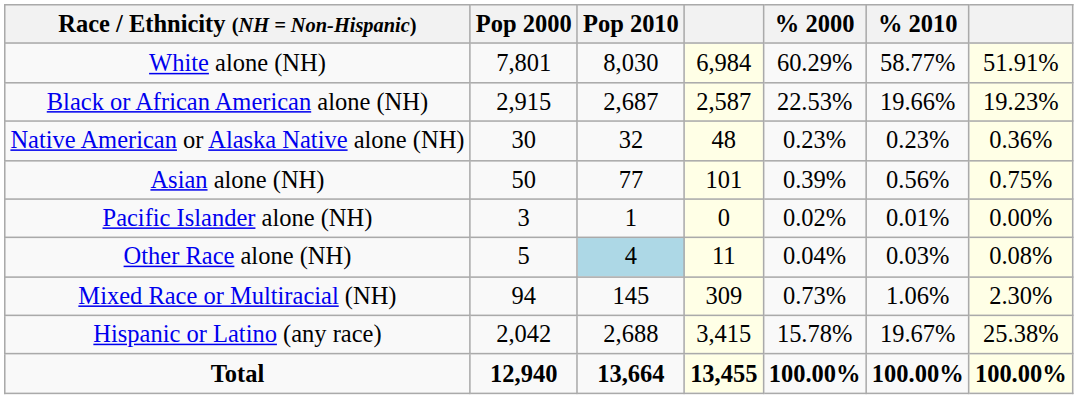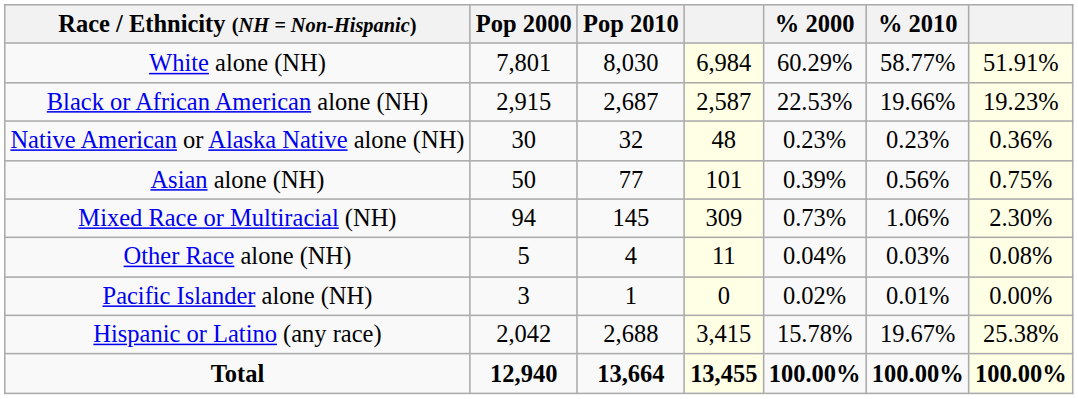 <table class="wikitable" style="text-align:center;">
 <tr>
 <th>Race / Ethnicity <small>(<em>NH = Non-Hispanic</em>)</small></th>
 <th>Pop 2000</th>
 <th>Pop 2010</th>
 <th></th>
 <th>% 2000</th>
 <th>% 2010</th>
 <th></th>
 </tr>
 <tr>
 <td><a href='#'>White</a> alone (NH)</td>
 <td>7,801</td>
 <td>8,030</td>
 <td style='background: #ffffe6;'>6,984</td>
 <td>60.29%</td>
 <td>58.77%</td>
 <td style='background: #ffffe6;'>51.91%</td>
 </tr>
 <tr>
 <td><a href='#'>Black or African American</a> alone (NH)</td>
 <td>2,915</td>
 <td>2,687</td>
 <td style='background: #ffffe6;'>2,587</td>
 <td>22.53%</td>
 <td>19.66%</td>
 <td style='background: #ffffe6;'>19.23%</td>
 </tr>
 <tr>
 <td><a href='#'>Native American</a> or <a href='#'>Alaska Native</a> alone (NH)</td>
 <td>30</td>
 <td>32</td>
 <td style='background: #ffffe6;'>48</td>
 <td>0.23%</td>
 <td>0.23%</td>
 <td style='background: #ffffe6;'>0.36%</td>
 </tr>
 <tr>
 <td><a href='#'>Asian</a> alone (NH)</td>
 <td>50</td>
 <td>77</td>
 <td style='background: #ffffe6;'>101</td>
 <td>0.39%</td>
 <td>0.56%</td>
 <td style='background: #ffffe6;'>0.75%</td>
 </tr>
 <tr>
+<td><a href='#'>Mixed Race or Multiracial</a> (NH)</td>
+<td>94</td>
+<td>145</td>
+<td style='background: #ffffe6;'>309</td>
+<td>0.73%</td>
+<td>1.06%</td>
+<td style='background: #ffffe6;'>2.30%</td>
+</tr>
+<tr>
+<td><a href='#'>Other Race</a> alone (NH)</td>
+<td>5</td>
+<td>4</td>
+<td style='background: #ffffe6;'>11</td>
+<td>0.04%</td>
+<td>0.03%</td>
+<td style='background: #ffffe6;'>0.08%</td>
+</tr>
+<tr>
 <td><a href='#'>Pacific Islander</a> alone (NH)</td>
 <td>3</td>
 <td>1</td>
 <td style='background: #ffffe6;'>0</td>
 <td>0.02%</td>
 <td>0.01%</td>
 <td style='background: #ffffe6;'>0.00%</td>
-</tr>
-<tr>
-<td><a href='#'>Other Race</a> alone (NH)</td>
-<td>5</td>
-<td style="background: lightblue;">4</td>
-<td style='background: #ffffe6;'>11</td>
-<td>0.04%</td>
-<td>0.03%</td>
-<td style='background: #ffffe6;'>0.08%</td>
-</tr>
-<tr>
-<td><a href='#'>Mixed Race or Multiracial</a> (NH)</td>
-<td>94</td>
-<td>145</td>
-<td style='background: #ffffe6;'>309</td>
-<td>0.73%</td>
-<td>1.06%</td>
-<td style='background: #ffffe6;'>2.30%</td>
 </tr>
 <tr>
 <td><a href='#'>Hispanic or Latino</a> (any race)</td>
 <td>2,042</td>
 <td>2,688</td>
 <td style='background: #ffffe6;'>3,415</td>
 <td>15.78%</td>
 <td>19.67%</td>
 <td style='background: #ffffe6;'>25.38%</td>
 </tr>
 <tr>
 <td><strong>Total</strong></td>
 <td><strong>12,940</strong></td>
 <td><strong>13,664</strong></td>
 <td style='background: #ffffe6;'><strong>13,455</strong></td>
 <td><strong>100.00%</strong></td>
 <td><strong>100.00%</strong></td>
 <td style='background: #ffffe6;'><strong>100.00%</strong></td>
 </tr>
 </table>
